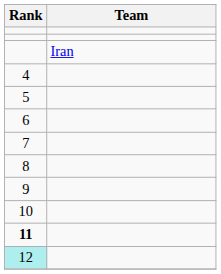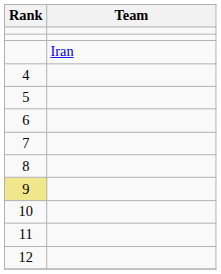 <table class="wikitable" style="text-align: center;">
 <tr>
 <th width=40>Rank</th>
 <th width=180>Team</th>
 </tr>
 <tr align=center>
 <td></td>
 <td style="text-align:left;"></td>
 </tr>
 <tr align=center>
 <td></td>
 <td style="text-align:left;"></td>
 </tr>
 <tr align=center>
 <td></td>
 <td style="text-align:left;"> <a href='#'>Iran</a></td>
 </tr>
 <tr align=center>
 <td>4</td>
 <td style="text-align:left;"></td>
 </tr>
 <tr align=center>
 <td>5</td>
 <td style="text-align:left;"></td>
 </tr>
 <tr align=center>
 <td>6</td>
 <td style="text-align:left;"></td>
 </tr>
 <tr align=center>
 <td>7</td>
 <td style="text-align:left;"></td>
 </tr>
 <tr align=center>
 <td>8</td>
 <td style="text-align:left;"></td>
 </tr>
 <tr align=center>
-<td>9</td>
+<td style="background: khaki;">9</td>
 <td style="text-align:left;"></td>
 </tr>
 <tr align=center>
 <td>10</td>
 <td style="text-align:left;"></td>
 </tr>
 <tr align=center>
-<td><strong>11</strong></td>
+<td>11</td>
 <td style="text-align:left;"></td>
 </tr>
 <tr align=center>
-<td style="background: paleturquoise;">12</td>
+<td>12</td>
 <td style="text-align:left;"></td>
 </tr>
 <tr align=center>
 </tr>
 </table>
